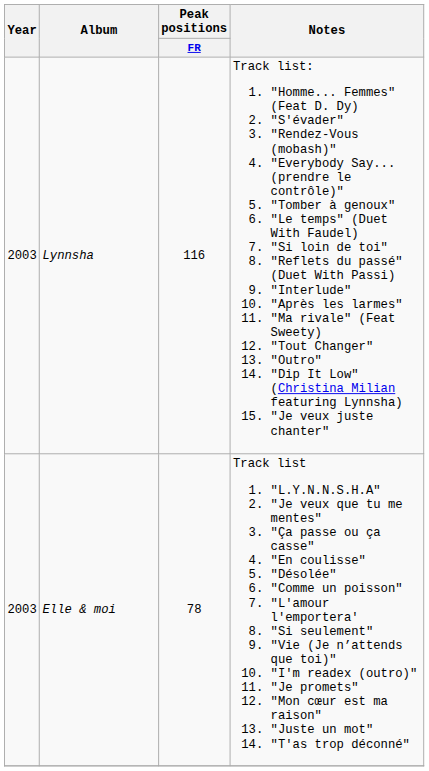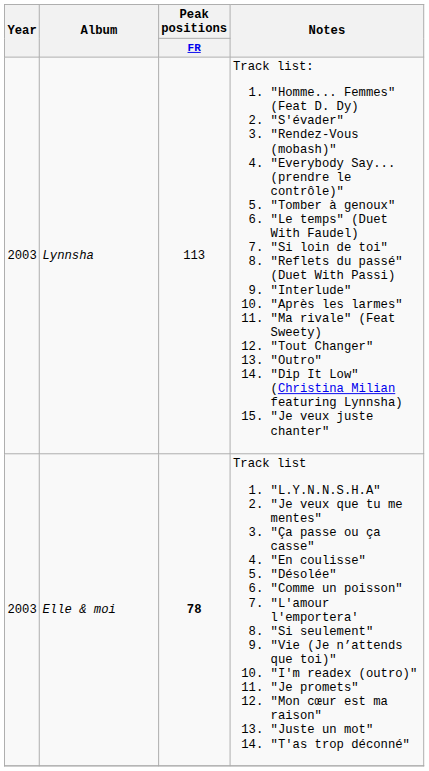 <table class="wikitable">
 <tr>
 <th align="center" rowspan="2" width="10">Year</th>
 <th align="center" rowspan="2" width="120">Album</th>
 <th align="center" colspan="1" width="30">Peak positions</th>
 <th align="center" rowspan="2" width="200">Notes</th>
 </tr>
 <tr>
 <th scope="col" style="width:3em;font-size:90%;"><a href='#'>FR</a><br></th>
 </tr>
 <tr>
 <td align="center" rowspan="1">2003</td>
 <td><em>Lynnsha</em></td>
-<td align="center">116</td>
+<td align="center">113</td>
 <td>Track list:<br><ol><li>"Homme... Femmes" (Feat D. Dy)</li><li>"S'évader"</li><li>"Rendez-Vous (mobash)"</li><li>"Everybody Say...(prendre le contrôle)"</li><li>"Tomber à genoux"</li><li>"Le temps" (Duet With Faudel)</li><li>"Si loin de toi"</li><li>"Reflets du passé" (Duet With Passi)</li><li>"Interlude"</li><li>"Après les larmes"</li><li>"Ma rivale" (Feat Sweety)</li><li>"Tout Changer"</li><li>"Outro"</li><li>"Dip It Low" (<a href='#'>Christina Milian</a> featuring Lynnsha)</li><li>"Je veux juste chanter"</li></ol></td>
 </tr>
 <tr>
 <td align="center" rowspan="1">2003</td>
 <td><em>Elle & moi</em></td>
-<td align="center">78</td>
+<td align="center"><strong>78</strong></td>
 <td>Track list<br><ol><li>"L.Y.N.N.S.H.A"</li><li>"Je veux que tu me mentes"</li><li>"Ça passe ou ça casse"</li><li>"En coulisse"</li><li>"Désolée"</li><li>"Comme un poisson"</li><li>"L'amour l'emportera'</li><li>"Si seulement"</li><li>"Vie (Je n’attends que toi)"</li><li>"I'm readex (outro)"</li><li>"Je promets"</li><li>"Mon cœur est ma raison"</li><li>"Juste un mot"</li><li>"T'as trop déconné"</li></ol></td>
 </tr>
 <tr>
 </tr>
 </table>
